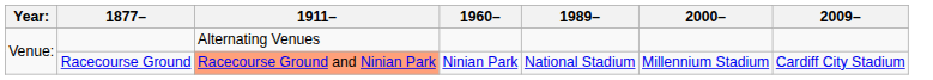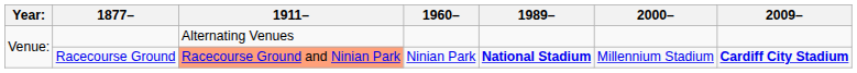 <table class="wikitable">
 <tr>
 <th>Year:</th>
 <th>1877–</th>
 <th>1911–</th>
 <th>1960–</th>
 <th>1989–</th>
 <th>2000–</th>
 <th>2009–</th>
 </tr>
 <tr>
 <td rowspan=2>Venue:</td>
 <td></td>
 <td>Alternating Venues</td>
 <td></td>
 <td></td>
 <td></td>
 <td></td>
 </tr>
 <tr>
 <td><a href='#'>Racecourse Ground</a></td>
 <td style="background: lightsalmon;"><a href='#'>Racecourse Ground</a> and <a href='#'>Ninian Park</a></td>
 <td><a href='#'>Ninian Park</a></td>
-<td><a href='#'>National Stadium</a></td>
+<td><strong><a href='#'>National Stadium</a></strong></td>
 <td><a href='#'>Millennium Stadium</a></td>
-<td><a href='#'>Cardiff City Stadium</a></td>
+<td><strong><a href='#'>Cardiff City Stadium</a></strong></td>
 </tr>
 </table>
